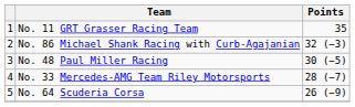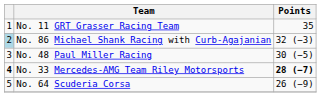 <table class="wikitable" style="font-size: 95%;">
 <tr>
 <th scope="col"></th>
 <th scope="col">Team</th>
 <th scope="col">Points</th>
 </tr>
 <tr>
 <td align=center>1</td>
 <td> No. 11 <a href='#'>GRT Grasser Racing Team</a></td>
 <td align=right>35</td>
 </tr>
 <tr>
-<td align=center>2</td>
+<td align=center style="background: lightblue;">2</td>
 <td> No. 86 <a href='#'>Michael Shank Racing</a> with <a href='#'>Curb-Agajanian</a></td>
 <td align=right>32 (−3)</td>
 </tr>
 <tr>
 <td align=center>3</td>
 <td> No. 48 <a href='#'>Paul Miller Racing</a></td>
 <td align=right>30 (−5)</td>
 </tr>
 <tr>
-<td align=center>4</td>
+<td align=center><strong>4</strong></td>
 <td> No. 33 <a href='#'>Mercedes-AMG Team Riley Motorsports</a></td>
-<td align=right>28 (−7)</td>
+<td align=right><strong>28 (−7)</strong></td>
 </tr>
 <tr>
 <td align=center>5</td>
 <td> No. 64 <a href='#'>Scuderia Corsa</a></td>
 <td align=right>26 (−9)</td>
 </tr>
 <tr>
 </tr>
 </table>
